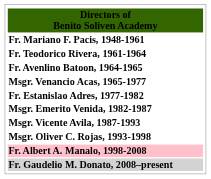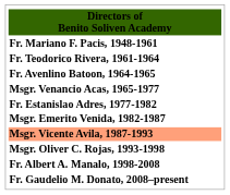 <table style="float:right; margin:1em 1em 1em 1em; width:20em; border: 1px solid #a0a0a0; padding: 2px; bg-color=yellow; text-align:right;">
 <tr style="text-align:center;">
 </tr>
 <tr bgcolor="#336600" align="center">
 <td><span><strong>Directors of <br>Benito Soliven Academy</strong></span></td>
 </tr>
 <tr style="text-align:left; font-size:;">
 <td><strong>Fr. Mariano F. Pacis,  1948-1961</strong></td>
 </tr>
 <tr style="text-align:left; font-size:x-smaller;">
 <td><strong>Fr. Teodorico Rivera,  1961-1964</strong></td>
 </tr>
 <tr style="text-align:left; font-size:x-smaller;">
 <td><strong>Fr. Avenlino Batoon,  1964-1965</strong></td>
 </tr>
 <tr style="text-align:left; font-size:x-smaller;">
 <td><strong>Msgr. Venancio Acas,  1965-1977</strong></td>
 </tr>
 <tr style="text-align:left; font-size:x-smaller;">
 <td><strong>Fr. Estanislao Adres,  1977-1982</strong></td>
 </tr>
 <tr style="text-align:left; font-size:x-smaller;">
 <td><strong>Msgr. Emerito Venida,  1982-1987</strong></td>
 </tr>
 <tr style="text-align:left; font-size:x-smaller;">
-<td><strong>Msgr. Vicente Avila,  1987-1993</strong></td>
+<td style="background: lightsalmon;"><strong>Msgr. Vicente Avila,  1987-1993</strong></td>
 </tr>
 <tr style="text-align:left; font-size:x-smaller;">
 <td><strong>Msgr. Oliver C. Rojas,  1993-1998</strong></td>
 </tr>
 <tr style="text-align:left; font-size:x-smaller;">
-<td style="background: pink;"><strong>Fr. Albert A. Manalo,  1998-2008</strong></td>
+<td><strong>Fr. Albert A. Manalo,  1998-2008</strong></td>
 </tr>
 <tr style="text-align:left; font-size:x-smaller;">
-<td style="background: lightgrey;"><strong>Fr. Gaudelio M. Donato, 2008–present</strong></td>
+<td><strong>Fr. Gaudelio M. Donato, 2008–present</strong></td>
 </tr>
 </table>
